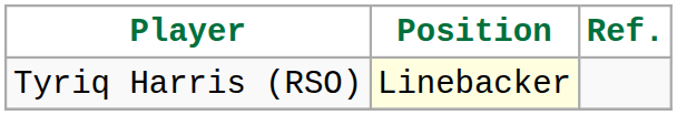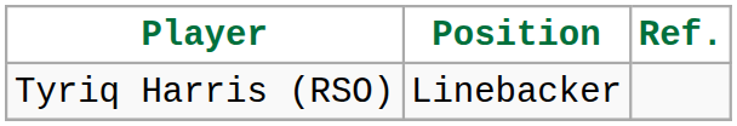 <table class="wikitable sortable sortable" style="text-align: center">
 <tr align=center>
 <th style="background: white; color: #00703C">Player</th>
 <th style="background: white; color: #00703C">Position</th>
 <th style="background: white; color: #00703C" class="unsortable">Ref.</th>
 </tr>
 <tr>
 <td>Tyriq Harris (RSO)</td>
-<td style="background: lightyellow;">Linebacker</td>
+<td>Linebacker</td>
 <td></td>
 </tr>
 <tr>
 </tr>
 </table>
